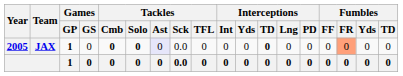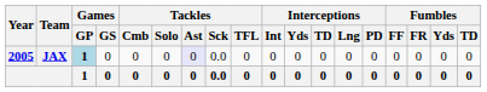 <table class="wikitable" style="text-align:center">
 <tr>
 <th rowspan="2">Year</th>
 <th rowspan="2">Team</th>
 <th colspan="2">Games</th>
 <th colspan="5">Tackles</th>
 <th colspan="5">Interceptions</th>
 <th colspan="4">Fumbles</th>
 </tr>
 <tr>
 <th>GP</th>
 <th>GS</th>
 <th>Cmb</th>
 <th>Solo</th>
 <th>Ast</th>
 <th>Sck</th>
 <th>TFL</th>
 <th>Int</th>
 <th>Yds</th>
 <th>TD</th>
 <th>Lng</th>
 <th>PD</th>
 <th>FF</th>
 <th>FR</th>
 <th>Yds</th>
 <th>TD</th>
 </tr>
 <tr>
 <th><a href='#'>2005</a></th>
 <th><a href='#'>JAX</a></th>
-<td><strong>1</strong></td>
+<td style="background: lightblue;"><strong>1</strong></td>
 <td>0</td>
-<td><strong>0</strong></td>
-<td><strong>0</strong></td>
+<td>0</td>
+<td>0</td>
 <td style="background: lavender;">0</td>
 <td>0.0</td>
 <td>0</td>
 <td>0</td>
 <td>0</td>
-<td><strong>0</strong></td>
 <td>0</td>
 <td>0</td>
 <td>0</td>
-<td style="background: lightsalmon;">0</td>
+<td>0</td>
+<td>0</td>
 <td>0</td>
 <td>0</td>
 </tr>
 <tr>
 <th colspan="2"></th>
 <th>1</th>
 <th>0</th>
 <th>0</th>
 <th>0</th>
 <th>0</th>
 <th>0.0</th>
 <th>0</th>
 <th>0</th>
 <th>0</th>
 <th>0</th>
 <th>0</th>
 <th>0</th>
 <th>0</th>
 <th>0</th>
 <th>0</th>
 <th>0</th>
 </tr>
 </table>
